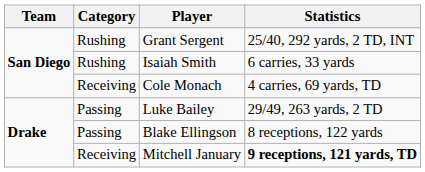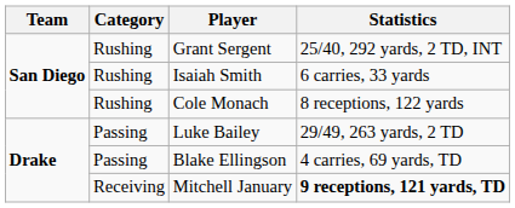 <table class="wikitable" style="float: right;">
 <tr>
 <th>Team</th>
 <th>Category</th>
 <th>Player</th>
 <th>Statistics</th>
 </tr>
 <tr>
 <td rowspan=3><strong>San Diego</strong></td>
 <td>Rushing</td>
 <td>Grant Sergent</td>
 <td>25/40, 292 yards, 2 TD, INT</td>
 </tr>
 <tr>
 <td>Rushing</td>
 <td>Isaiah Smith</td>
 <td>6 carries, 33 yards</td>
 </tr>
 <tr>
-<td>Receiving</td>
+<td>Rushing</td>
 <td>Cole Monach</td>
-<td>4 carries, 69 yards, TD</td>
+<td>8 receptions, 122 yards</td>
 </tr>
 <tr>
 <td rowspan=3><strong>Drake</strong></td>
 <td>Passing</td>
 <td>Luke Bailey</td>
 <td>29/49, 263 yards, 2 TD</td>
 </tr>
 <tr>
 <td>Passing</td>
 <td>Blake Ellingson</td>
-<td>8 receptions, 122 yards</td>
+<td>4 carries, 69 yards, TD</td>
 </tr>
 <tr>
 <td>Receiving</td>
 <td>Mitchell January</td>
 <td><strong>9 receptions, 121 yards, TD</strong></td>
 </tr>
 </table>
